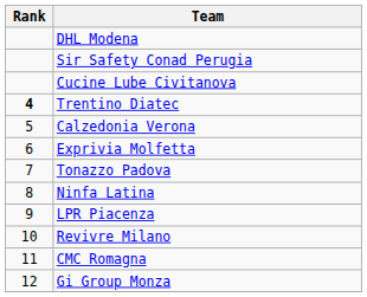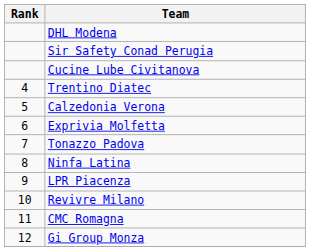 <table class="wikitable" style="text-align: center;">
 <tr>
 <th width=40>Rank</th>
 <th width=290>Team</th>
 </tr>
 <tr>
 <td></td>
 <td align=left><a href='#'>DHL Modena</a></td>
 </tr>
 <tr>
 <td></td>
 <td align=left><a href='#'>Sir Safety Conad Perugia</a></td>
 </tr>
 <tr>
 <td></td>
 <td align=left><a href='#'>Cucine Lube Civitanova</a></td>
 </tr>
 <tr>
-<td><strong>4</strong></td>
+<td>4</td>
 <td align=left><a href='#'>Trentino Diatec</a></td>
 </tr>
 <tr>
 <td>5</td>
 <td align=left><a href='#'>Calzedonia Verona</a></td>
 </tr>
 <tr>
 <td>6</td>
 <td align=left><a href='#'>Exprivia Molfetta</a></td>
 </tr>
 <tr>
 <td>7</td>
 <td align=left><a href='#'>Tonazzo Padova</a></td>
 </tr>
 <tr>
 <td>8</td>
 <td align=left><a href='#'>Ninfa Latina</a></td>
 </tr>
 <tr>
 <td>9</td>
 <td align=left><a href='#'>LPR Piacenza</a></td>
 </tr>
 <tr>
 <td>10</td>
 <td align=left><a href='#'>Revivre Milano</a></td>
 </tr>
 <tr>
 <td>11</td>
 <td align=left><a href='#'>CMC Romagna</a></td>
 </tr>
 <tr>
 <td>12</td>
 <td align=left><a href='#'>Gi Group Monza</a></td>
 </tr>
 <tr>
 </tr>
 </table>
